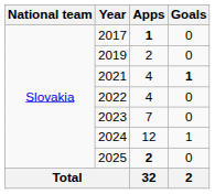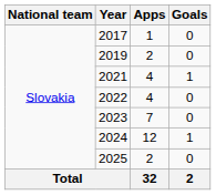 <table class=wikitable style=text-align:center>
 <tr>
 <th>National team</th>
 <th>Year</th>
 <th>Apps</th>
 <th>Goals</th>
 </tr>
 <tr>
 <td rowspan="7"><a href='#'>Slovakia</a></td>
 <td>2017</td>
-<td><strong>1</strong></td>
+<td>1</td>
 <td>0</td>
 </tr>
 <tr>
 <td>2019</td>
 <td>2</td>
 <td>0</td>
 </tr>
 <tr>
 <td>2021</td>
 <td>4</td>
-<td><strong>1</strong></td>
+<td>1</td>
 </tr>
 <tr>
 <td>2022</td>
 <td>4</td>
 <td>0</td>
 </tr>
 <tr>
 <td>2023</td>
 <td>7</td>
 <td>0</td>
 </tr>
 <tr>
 <td>2024</td>
 <td>12</td>
 <td>1</td>
 </tr>
 <tr>
 <td>2025</td>
-<td><strong>2</strong></td>
+<td>2</td>
 <td>0</td>
 </tr>
 <tr>
 <th colspan="2">Total</th>
 <th>32</th>
 <th>2</th>
 </tr>
 </table>
